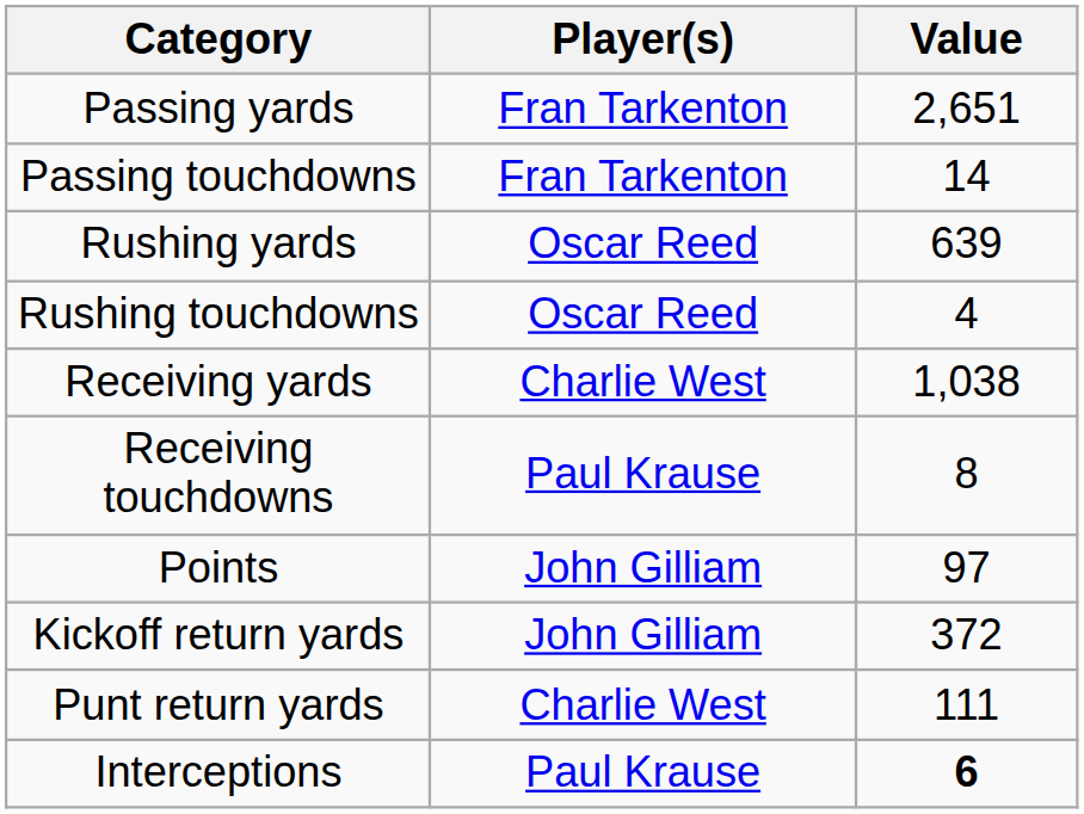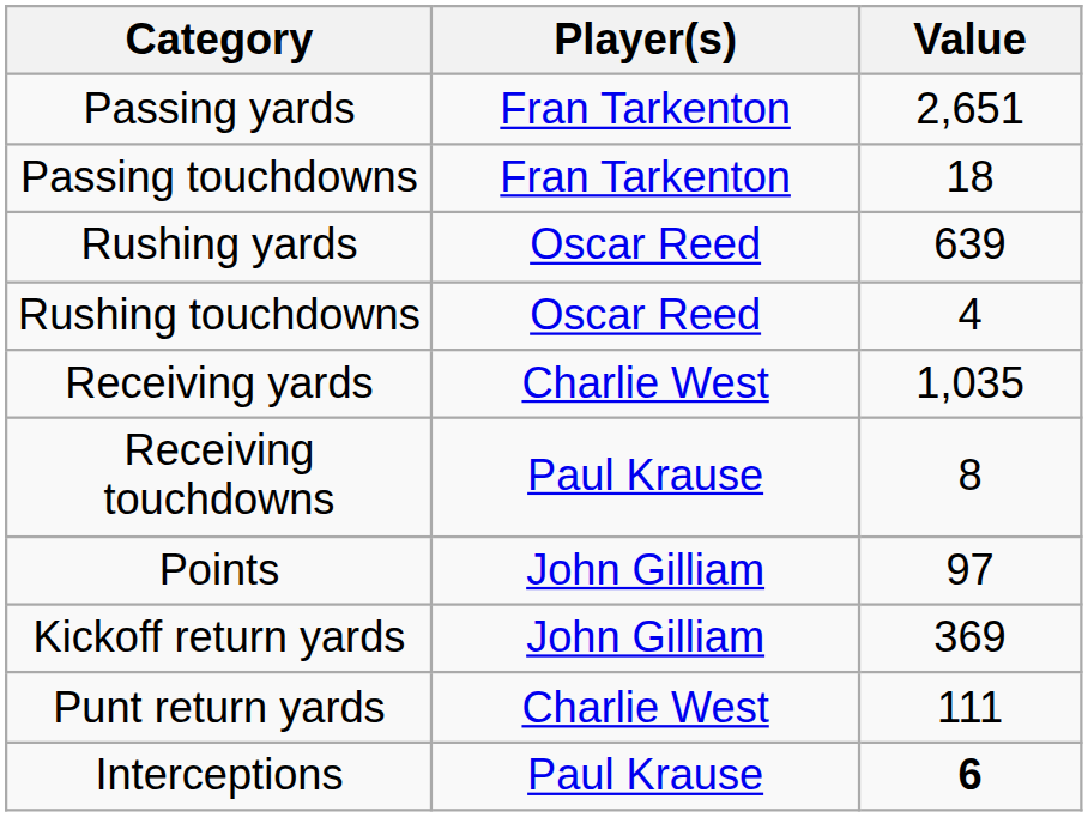 <table class="wikitable" style="text-align:center">
 <tr>
 <th width=150px>Category</th>
 <th width=150px>Player(s)</th>
 <th width=75px>Value</th>
 </tr>
 <tr>
 <td>Passing yards</td>
 <td><a href='#'>Fran Tarkenton</a></td>
 <td>2,651</td>
 </tr>
 <tr>
 <td>Passing touchdowns</td>
 <td><a href='#'>Fran Tarkenton</a></td>
-<td>14</td>
+<td>18</td>
 </tr>
 <tr>
 <td>Rushing yards</td>
 <td><a href='#'>Oscar Reed</a></td>
 <td>639</td>
 </tr>
 <tr>
 <td>Rushing touchdowns</td>
 <td><a href='#'>Oscar Reed</a></td>
 <td>4</td>
 </tr>
 <tr>
 <td>Receiving yards</td>
 <td><a href='#'>Charlie West</a></td>
-<td>1,038</td>
+<td>1,035</td>
 </tr>
 <tr>
 <td>Receiving touchdowns</td>
 <td><a href='#'>Paul Krause</a></td>
 <td>8</td>
 </tr>
 <tr>
 <td>Points</td>
 <td><a href='#'>John Gilliam</a></td>
 <td>97</td>
 </tr>
 <tr>
 <td>Kickoff return yards</td>
 <td><a href='#'>John Gilliam</a></td>
-<td>372</td>
+<td>369</td>
 </tr>
 <tr>
 <td>Punt return yards</td>
 <td><a href='#'>Charlie West</a></td>
 <td>111</td>
 </tr>
 <tr>
 <td>Interceptions</td>
 <td><a href='#'>Paul Krause</a></td>
 <td><strong>6</strong></td>
 </tr>
 </table>
